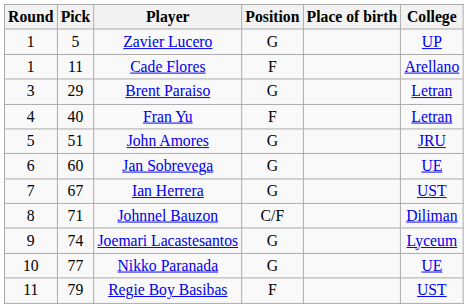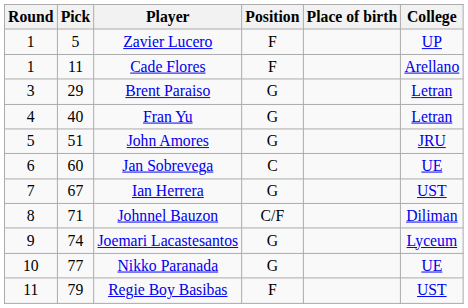 <table class="wikitable sortable sortable" style="text-align:center">
 <tr>
 <th>Round</th>
 <th>Pick</th>
 <th>Player</th>
 <th>Position</th>
 <th>Place of birth</th>
 <th>College</th>
 </tr>
 <tr>
 <td>1</td>
 <td>5</td>
 <td><a href='#'>Zavier Lucero</a></td>
-<td>G</td>
+<td>F</td>
 <td></td>
 <td><a href='#'>UP</a></td>
 </tr>
 <tr>
 <td>1</td>
 <td>11</td>
 <td><a href='#'>Cade Flores</a></td>
 <td>F</td>
 <td></td>
 <td><a href='#'>Arellano</a></td>
 </tr>
 <tr>
 <td>3</td>
 <td>29</td>
 <td><a href='#'>Brent Paraiso</a></td>
 <td>G</td>
 <td></td>
 <td><a href='#'>Letran</a></td>
 </tr>
 <tr>
 <td>4</td>
 <td>40</td>
 <td><a href='#'>Fran Yu</a></td>
-<td>F</td>
+<td>G</td>
 <td></td>
 <td><a href='#'>Letran</a></td>
 </tr>
 <tr>
 <td>5</td>
 <td>51</td>
 <td><a href='#'>John Amores</a></td>
 <td>G</td>
 <td></td>
 <td><a href='#'>JRU</a></td>
 </tr>
 <tr>
 <td>6</td>
 <td>60</td>
 <td><a href='#'>Jan Sobrevega</a></td>
-<td>G</td>
+<td>C</td>
 <td></td>
 <td><a href='#'>UE</a></td>
 </tr>
 <tr>
 <td>7</td>
 <td>67</td>
 <td><a href='#'>Ian Herrera</a></td>
 <td>G</td>
 <td></td>
 <td><a href='#'>UST</a></td>
 </tr>
 <tr>
 <td>8</td>
 <td>71</td>
 <td><a href='#'>Johnnel Bauzon</a></td>
 <td>C/F</td>
 <td></td>
 <td><a href='#'>Diliman</a></td>
 </tr>
 <tr>
 <td>9</td>
 <td>74</td>
 <td><a href='#'>Joemari Lacastesantos</a></td>
 <td>G</td>
 <td></td>
 <td><a href='#'>Lyceum</a></td>
 </tr>
 <tr>
 <td>10</td>
 <td>77</td>
 <td><a href='#'>Nikko Paranada</a></td>
 <td>G</td>
 <td></td>
 <td><a href='#'>UE</a></td>
 </tr>
 <tr>
 <td>11</td>
 <td>79</td>
 <td><a href='#'>Regie Boy Basibas</a></td>
 <td>F</td>
 <td></td>
 <td><a href='#'>UST</a></td>
 </tr>
 </table>
